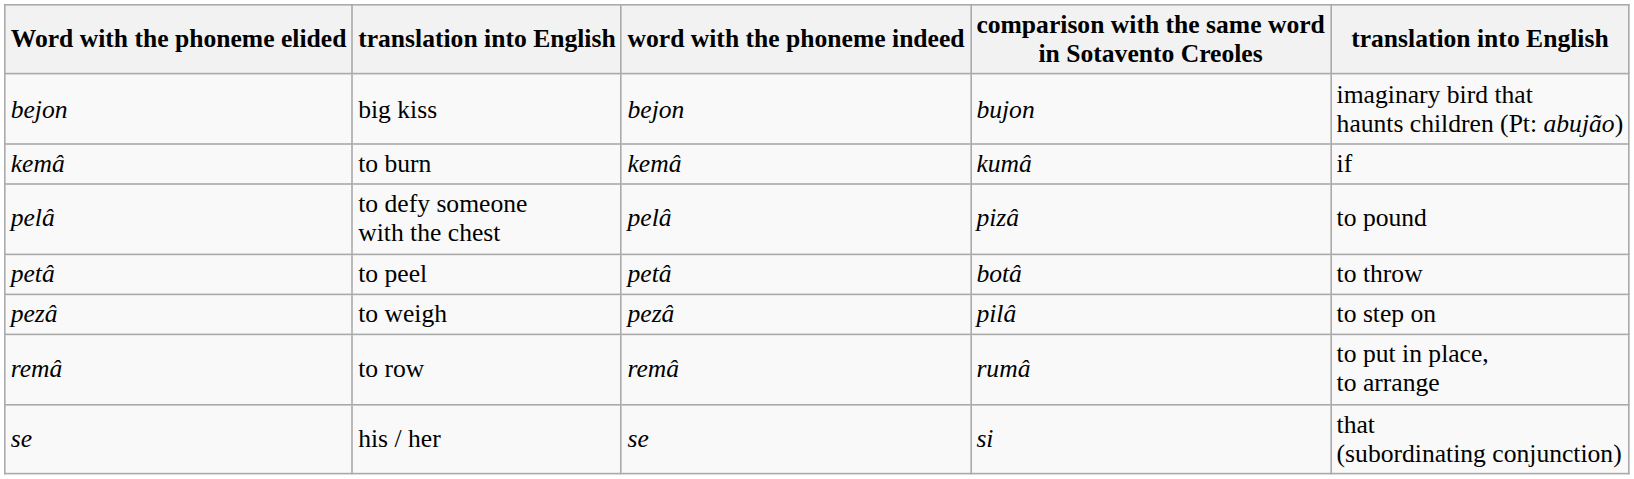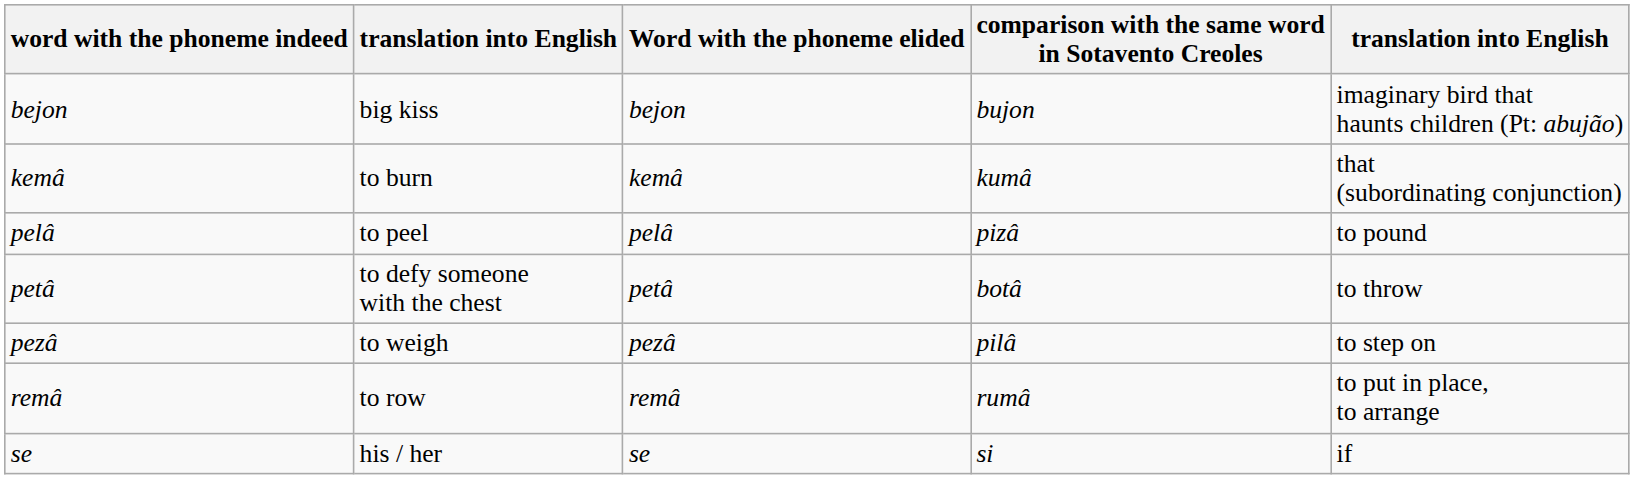 <table class="wikitable">
 <tr>
+<th>word with the phoneme  indeed</th>
+<th>translation into English</th>
 <th>Word with the phoneme elided</th>
-<th>translation into English</th>
-<th>word with the phoneme  indeed</th>
 <th>comparison with the same word<br>in Sotavento Creoles</th>
 <th>translation into English</th>
 </tr>
 <tr>
 <td><em>bejon</em><br></td>
 <td>big kiss</td>
 <td><em>bejon</em><br></td>
 <td><em>bujon</em><br></td>
 <td>imaginary bird that<br>haunts children (Pt: <em>abujão</em>)</td>
 </tr>
 <tr>
 <td><em>kemâ</em><br></td>
 <td>to burn</td>
 <td><em>kemâ</em><br></td>
 <td><em>kumâ</em><br></td>
-<td>if</td>
+<td>that<br>(subordinating conjunction)</td>
 </tr>
 <tr>
 <td><em>pelâ</em><br></td>
-<td>to defy someone<br>with the chest</td>
+<td>to peel</td>
 <td><em>pelâ</em><br></td>
 <td><em>pizâ</em><br></td>
 <td>to pound</td>
 </tr>
 <tr>
 <td><em>petâ</em><br></td>
-<td>to peel</td>
+<td>to defy someone<br>with the chest</td>
 <td><em>petâ</em><br></td>
 <td><em>botâ</em><br></td>
 <td>to throw</td>
 </tr>
 <tr>
 <td><em>pezâ</em><br></td>
 <td>to weigh</td>
 <td><em>pezâ</em><br></td>
 <td><em>pilâ</em><br></td>
 <td>to step on</td>
 </tr>
 <tr>
 <td><em>remâ</em><br></td>
 <td>to row</td>
 <td><em>remâ</em><br></td>
 <td><em>rumâ</em><br></td>
 <td>to put in place,<br>to arrange</td>
 </tr>
 <tr>
 <td><em>se</em><br></td>
 <td>his / her</td>
 <td><em>se</em><br></td>
 <td><em>si</em><br></td>
-<td>that<br>(subordinating conjunction)</td>
+<td>if</td>
 </tr>
 </table>
